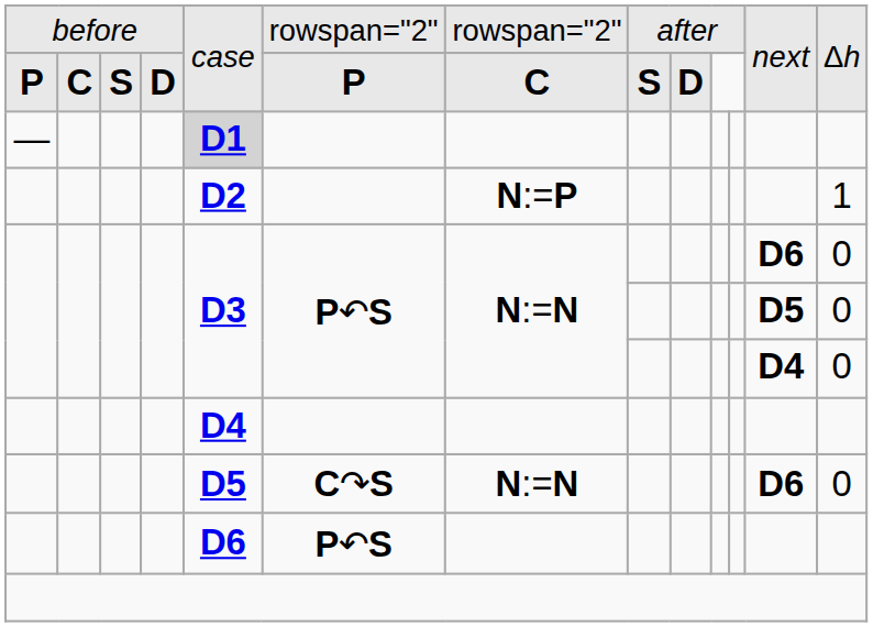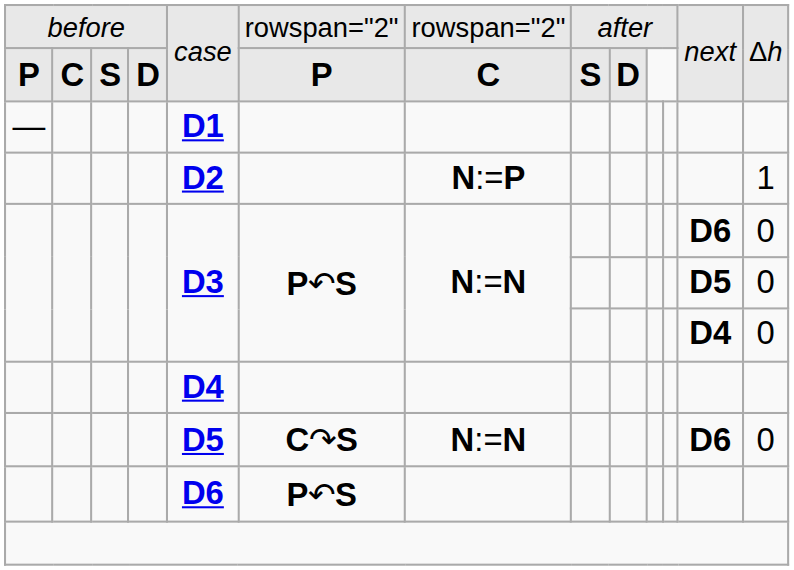 <table class="wikitable floatright" style="text-align:center;">
 <tr style="background:#E8E8E8;font-size:smaller;">
 <td colspan="4"><em>before</em></td>
 <td rowspan="2"><em>case</em></td>
 <td>rowspan="2" </td>
 <td>rowspan="2" </td>
 <td colspan="4"><em>after</em></td>
 <td rowspan="2"><em>next</em></td>
 <td rowspan="2">Δ<em>h</em></td>
 </tr>
 <tr style="background:#E8E8E8">
 <td><strong>P</strong></td>
 <td><strong>C</strong></td>
 <td><strong>S</strong></td>
 <td><strong>D</strong></td>
 <td><strong>P</strong></td>
 <td><strong>C</strong></td>
 <td><strong>S</strong></td>
 <td><strong>D</strong></td>
 </tr>
 <tr>
 <td>—</td>
 <td></td>
 <td></td>
 <td></td>
-<td style="background: lightgrey;"><a href='#'><strong>D1</strong></a></td>
+<td><a href='#'><strong>D1</strong></a></td>
 <td></td>
 <td></td>
 <td></td>
 <td></td>
 <td></td>
 <td></td>
 <td></td>
 <td></td>
 </tr>
 <tr>
 <td></td>
 <td></td>
 <td></td>
 <td></td>
 <td><a href='#'><strong>D2</strong></a></td>
 <td></td>
 <td><strong>N</strong>:=<strong>P</strong></td>
 <td></td>
 <td></td>
 <td></td>
 <td></td>
 <td></td>
 <td>1</td>
 </tr>
 <tr>
 <td rowspan="3"></td>
 <td rowspan="3"></td>
 <td rowspan="3"></td>
 <td rowspan="3"></td>
 <td rowspan="3"><a href='#'><strong>D3</strong></a></td>
 <td rowspan="3"><strong>P</strong>↶<strong>S</strong></td>
 <td rowspan="3"><strong>N</strong>:=<strong>N</strong></td>
 <td></td>
 <td></td>
 <td></td>
 <td></td>
 <td><strong>D6</strong></td>
 <td>0</td>
 </tr>
 <tr>
 <td></td>
 <td></td>
 <td></td>
 <td></td>
 <td><strong>D5</strong></td>
 <td>0</td>
 </tr>
 <tr>
 <td></td>
 <td></td>
 <td></td>
 <td></td>
 <td><strong>D4</strong></td>
 <td>0</td>
 </tr>
 <tr>
 <td></td>
 <td></td>
 <td></td>
 <td></td>
 <td><a href='#'><strong>D4</strong></a></td>
 <td></td>
 <td></td>
 <td></td>
 <td></td>
 <td></td>
 <td></td>
 <td></td>
 <td></td>
 </tr>
 <tr>
 <td></td>
 <td></td>
 <td></td>
 <td></td>
 <td><a href='#'><strong>D5</strong></a></td>
 <td><strong>C</strong>↷<strong>S</strong></td>
 <td><strong>N</strong>:=<strong>N</strong></td>
 <td></td>
 <td></td>
 <td></td>
 <td></td>
 <td><strong>D6</strong></td>
 <td>0</td>
 </tr>
 <tr>
 <td></td>
 <td></td>
 <td></td>
 <td></td>
 <td><a href='#'><strong>D6</strong></a></td>
 <td><strong>P</strong>↶<strong>S</strong></td>
 <td></td>
 <td></td>
 <td></td>
 <td></td>
 <td></td>
 <td></td>
 <td></td>
 </tr>
 <tr>
 <td colspan="13" style="text-align:left; font-size:smaller;"><br></td>
 </tr>
 </table>
